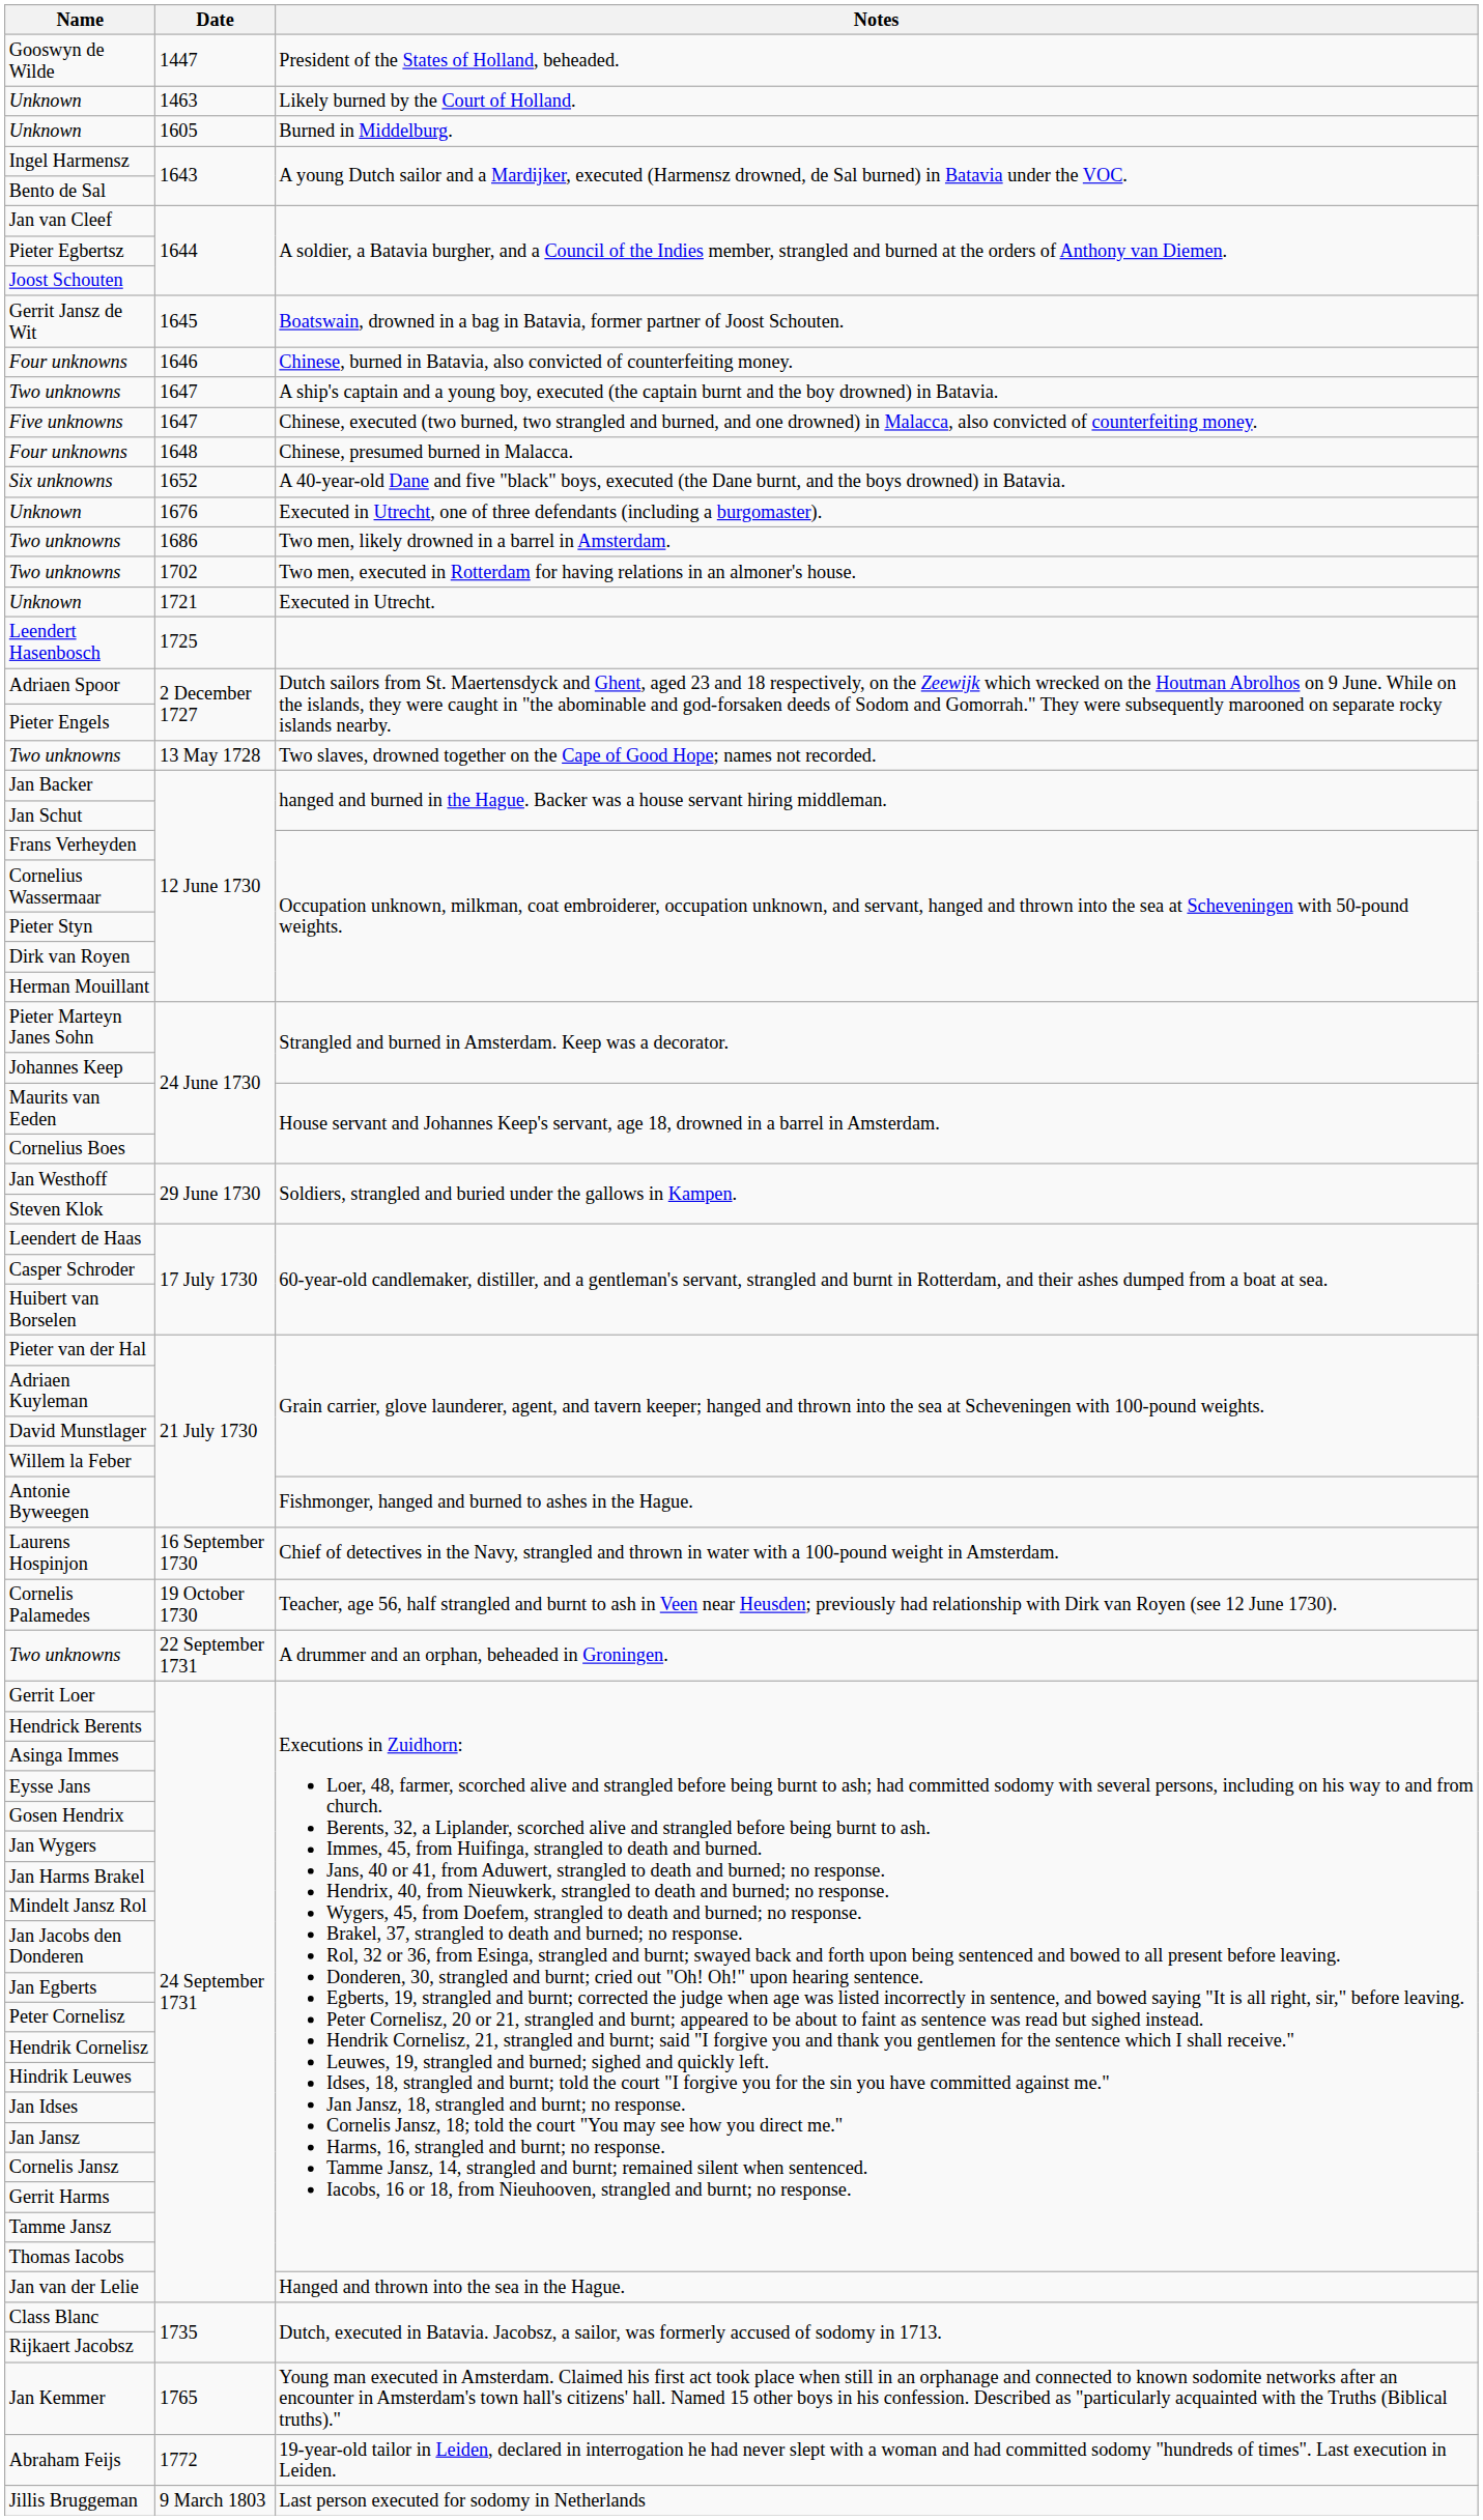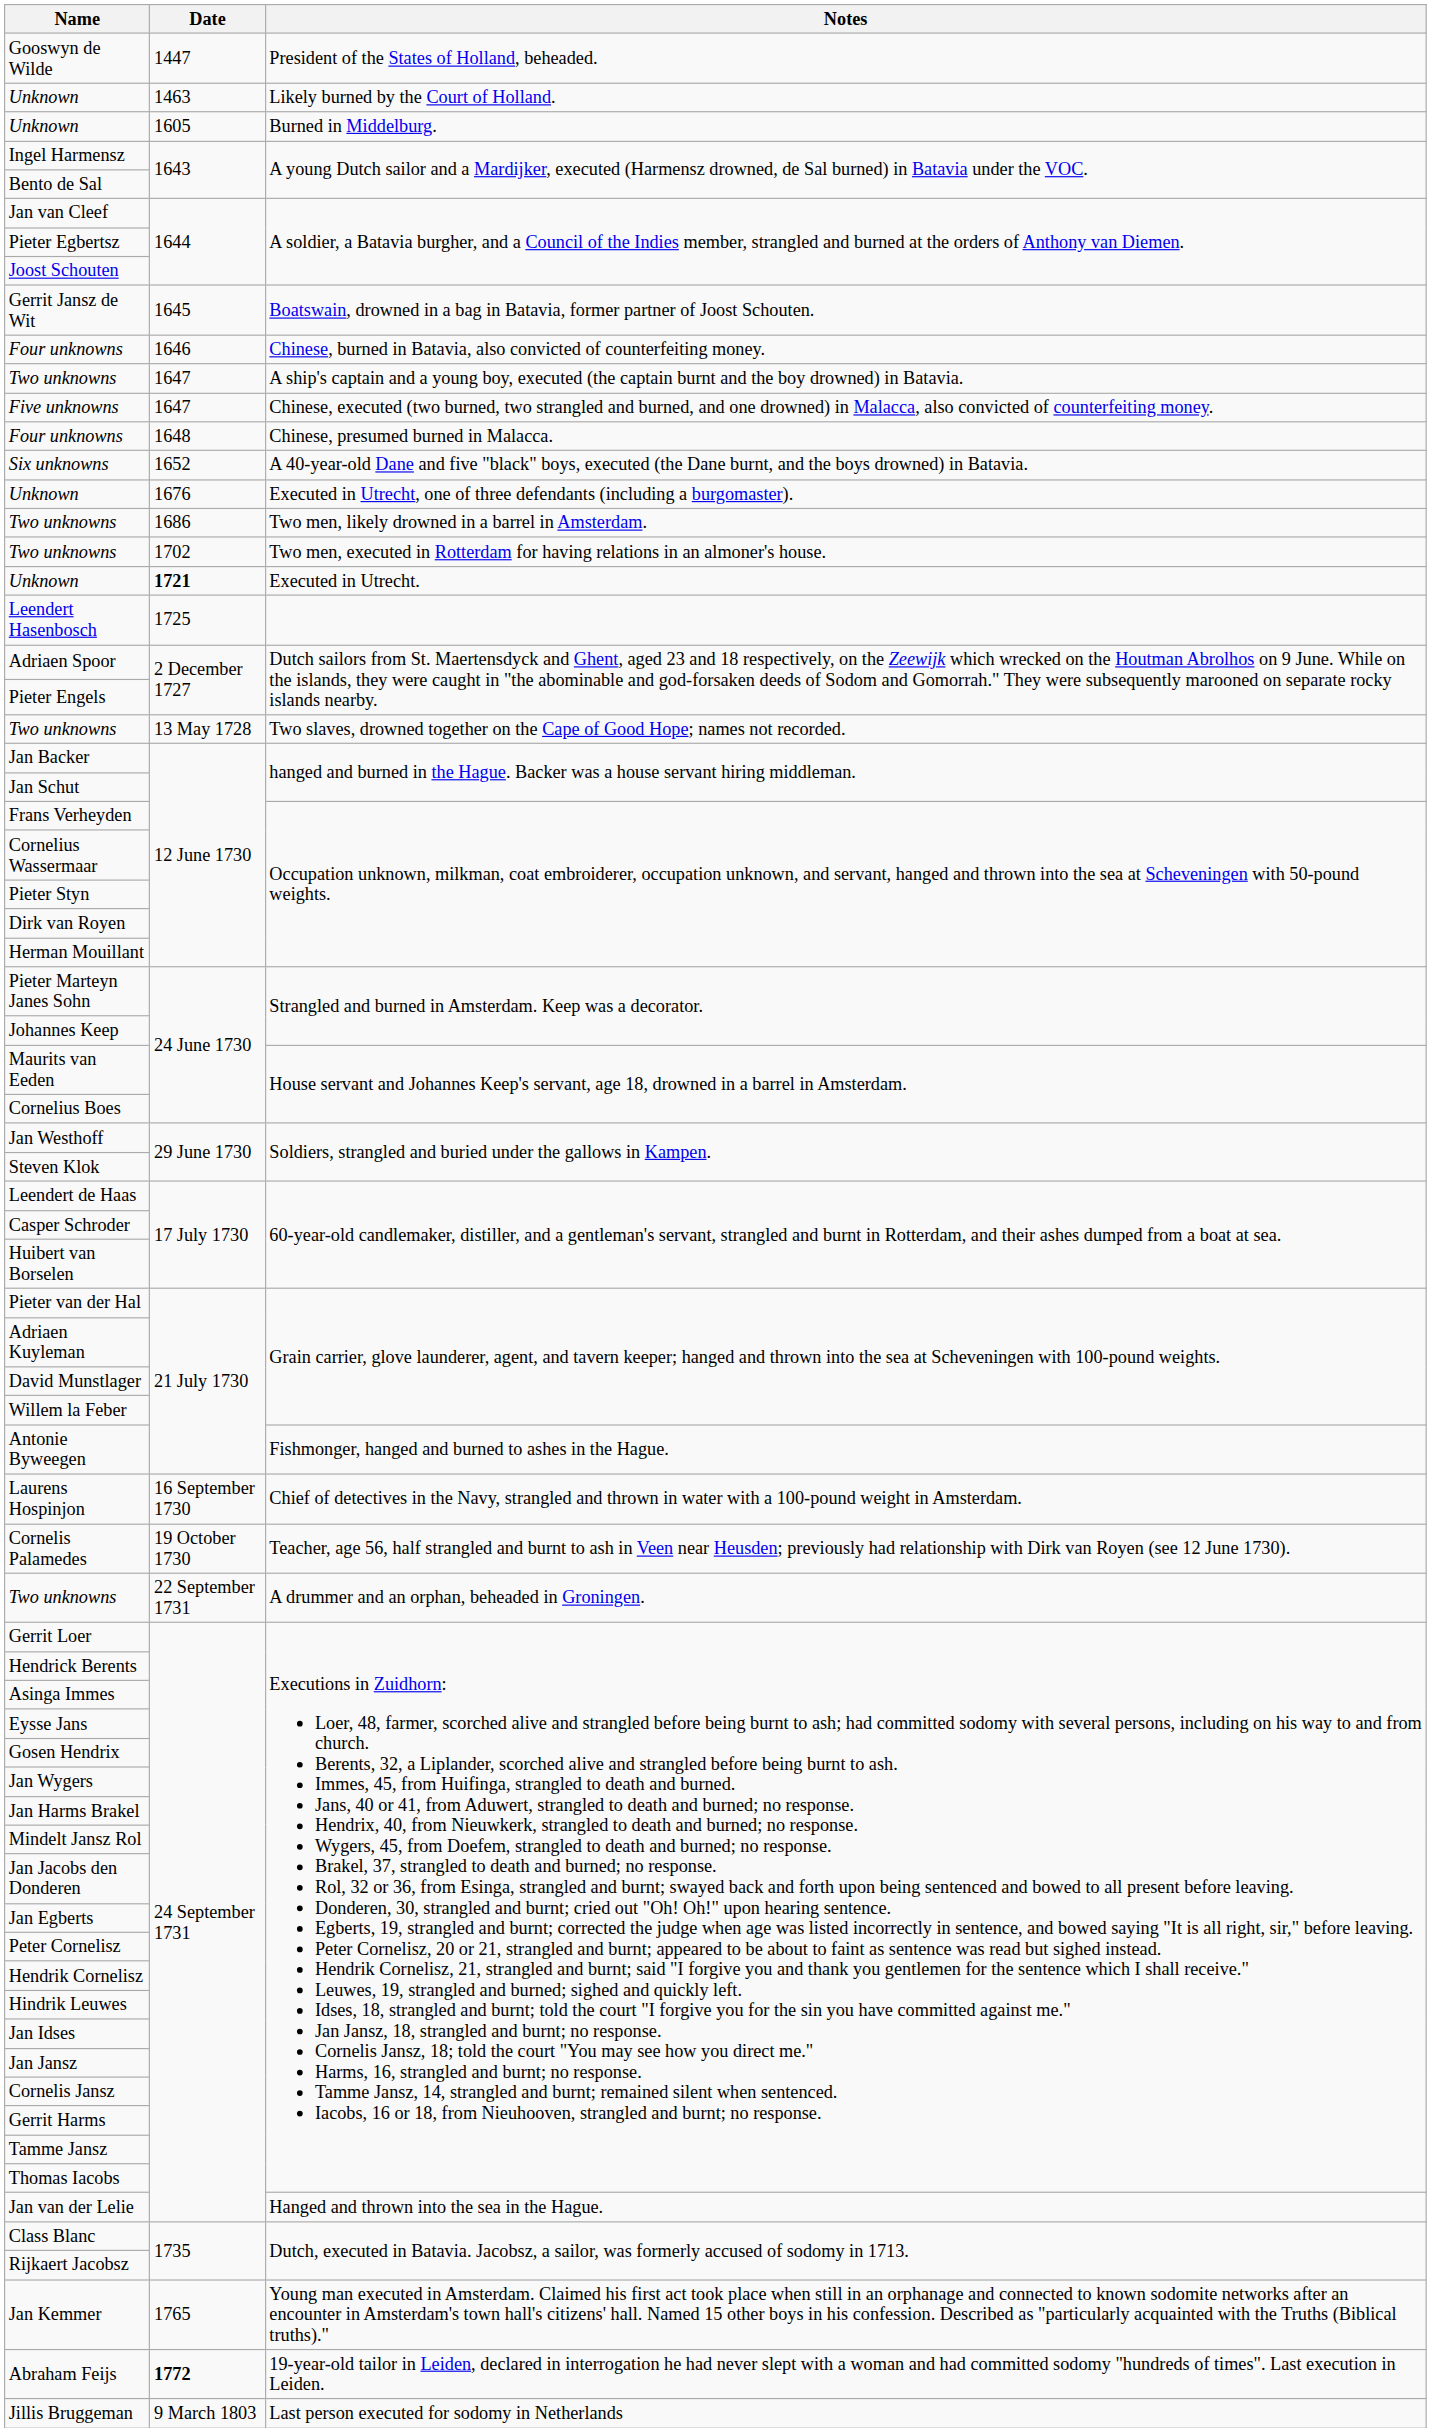 <table class="wikitable sortable" style="text-align:left">
 <tr>
 <th>Name</th>
 <th>Date</th>
 <th>Notes</th>
 </tr>
 <tr>
 <td>Gooswyn de Wilde</td>
 <td>1447</td>
 <td>President of the <a href='#'>States of Holland</a>, beheaded.</td>
 </tr>
 <tr>
 <td><em>Unknown</em></td>
 <td>1463</td>
 <td>Likely burned by the <a href='#'>Court of Holland</a>.</td>
 </tr>
 <tr>
 <td><em>Unknown</em></td>
 <td>1605</td>
 <td>Burned in <a href='#'>Middelburg</a>.</td>
 </tr>
 <tr>
 <td>Ingel Harmensz</td>
 <td rowspan="2">1643</td>
 <td rowspan="2">A young Dutch sailor and a <a href='#'>Mardijker</a>, executed (Harmensz drowned, de Sal burned) in <a href='#'>Batavia</a> under the <a href='#'>VOC</a>.</td>
 </tr>
 <tr>
 <td>Bento de Sal</td>
 </tr>
 <tr>
 <td>Jan van Cleef</td>
 <td rowspan="3">1644</td>
 <td rowspan="3">A soldier, a Batavia burgher, and a <a href='#'>Council of the Indies</a> member, strangled and burned at the orders of <a href='#'>Anthony van Diemen</a>.</td>
 </tr>
 <tr>
 <td>Pieter Egbertsz</td>
 </tr>
 <tr>
 <td><a href='#'>Joost Schouten</a></td>
 </tr>
 <tr>
 <td>Gerrit Jansz de Wit</td>
 <td>1645</td>
 <td><a href='#'>Boatswain</a>, drowned in a bag in Batavia, former partner of Joost Schouten.</td>
 </tr>
 <tr>
 <td><em>Four unknowns</em></td>
 <td>1646</td>
 <td><a href='#'>Chinese</a>, burned in Batavia, also convicted of counterfeiting money.</td>
 </tr>
 <tr>
 <td><em>Two unknowns</em></td>
 <td>1647</td>
 <td>A ship's captain and a young boy, executed (the captain burnt and the boy drowned) in Batavia.</td>
 </tr>
 <tr>
 <td><em>Five unknowns</em></td>
 <td>1647</td>
 <td>Chinese, executed (two burned, two strangled and burned, and one drowned) in <a href='#'>Malacca</a>, also convicted of <a href='#'>counterfeiting money</a>.</td>
 </tr>
 <tr>
 <td><em>Four unknowns</em></td>
 <td>1648</td>
 <td>Chinese, presumed burned in Malacca.</td>
 </tr>
 <tr>
 <td><em>Six unknowns</em></td>
 <td>1652</td>
 <td>A 40-year-old <a href='#'>Dane</a> and five "black" boys, executed (the Dane burnt, and the boys drowned) in Batavia.</td>
 </tr>
 <tr>
 <td><em>Unknown</em></td>
 <td>1676</td>
 <td>Executed in <a href='#'>Utrecht</a>, one of three defendants (including a <a href='#'>burgomaster</a>).</td>
 </tr>
 <tr>
 <td><em>Two unknowns</em></td>
 <td>1686</td>
 <td>Two men, likely drowned in a barrel in <a href='#'>Amsterdam</a>.</td>
 </tr>
 <tr>
 <td><em>Two unknowns</em></td>
 <td>1702</td>
 <td>Two men, executed in <a href='#'>Rotterdam</a> for having relations in an almoner's house.</td>
 </tr>
 <tr>
 <td><em>Unknown</em></td>
-<td>1721</td>
+<td><strong>1721</strong></td>
 <td>Executed in Utrecht.</td>
 </tr>
 <tr>
 <td><a href='#'>Leendert Hasenbosch</a></td>
 <td>1725</td>
 <td></td>
 </tr>
 <tr>
 <td>Adriaen Spoor</td>
 <td rowspan="2">2 December 1727</td>
 <td rowspan="2">Dutch sailors from St. Maertensdyck and <a href='#'>Ghent</a>, aged 23 and 18 respectively, on the <em><a href='#'>Zeewijk</a></em> which wrecked on the <a href='#'>Houtman Abrolhos</a> on 9 June. While on the islands, they were caught in "the abominable and god-forsaken deeds of Sodom and Gomorrah." They were subsequently marooned on separate rocky islands nearby.</td>
 </tr>
 <tr>
 <td>Pieter Engels</td>
 </tr>
 <tr>
 <td><em>Two unknowns</em></td>
 <td>13 May 1728</td>
 <td>Two slaves, drowned together on the <a href='#'>Cape of Good Hope</a>; names not recorded.</td>
 </tr>
 <tr>
 <td>Jan Backer</td>
 <td rowspan="7">12 June 1730</td>
 <td rowspan="2">hanged and burned in <a href='#'>the Hague</a>. Backer was a house servant hiring middleman.</td>
 </tr>
 <tr>
 <td>Jan Schut</td>
 </tr>
 <tr>
 <td>Frans Verheyden</td>
 <td rowspan="5">Occupation unknown, milkman, coat embroiderer, occupation unknown, and servant, hanged and thrown into the sea at <a href='#'>Scheveningen</a> with 50-pound weights.</td>
 </tr>
 <tr>
 <td>Cornelius Wassermaar</td>
 </tr>
 <tr>
 <td>Pieter Styn</td>
 </tr>
 <tr>
 <td>Dirk van Royen</td>
 </tr>
 <tr>
 <td>Herman Mouillant</td>
 </tr>
 <tr>
 <td>Pieter Marteyn Janes Sohn</td>
 <td rowspan="4">24 June 1730</td>
 <td rowspan="2">Strangled and burned in Amsterdam. Keep was a decorator.</td>
 </tr>
 <tr>
 <td>Johannes Keep</td>
 </tr>
 <tr>
 <td>Maurits van Eeden</td>
 <td rowspan="2">House servant and Johannes Keep's servant, age 18, drowned in a barrel in Amsterdam.</td>
 </tr>
 <tr>
 <td>Cornelius Boes</td>
 </tr>
 <tr>
 <td>Jan Westhoff</td>
 <td rowspan="2">29 June 1730</td>
 <td rowspan="2">Soldiers, strangled and buried under the gallows in <a href='#'>Kampen</a>.</td>
 </tr>
 <tr>
 <td>Steven Klok</td>
 </tr>
 <tr>
 <td>Leendert de Haas</td>
 <td rowspan="3">17 July 1730</td>
 <td rowspan="3">60-year-old candlemaker, distiller, and a gentleman's servant, strangled and burnt in Rotterdam, and their ashes dumped from a boat at sea.</td>
 </tr>
 <tr>
 <td>Casper Schroder</td>
 </tr>
 <tr>
 <td>Huibert van Borselen</td>
 </tr>
 <tr>
 <td>Pieter van der Hal</td>
 <td rowspan="5">21 July 1730</td>
 <td rowspan="4">Grain carrier, glove launderer, agent, and tavern keeper; hanged and thrown into the sea at Scheveningen with 100-pound weights.</td>
 </tr>
 <tr>
 <td>Adriaen Kuyleman</td>
 </tr>
 <tr>
 <td>David Munstlager</td>
 </tr>
 <tr>
 <td>Willem la Feber</td>
 </tr>
 <tr>
 <td>Antonie Byweegen</td>
 <td>Fishmonger, hanged and burned to ashes in the Hague.</td>
 </tr>
 <tr>
 <td>Laurens Hospinjon</td>
 <td>16 September 1730</td>
 <td>Chief of detectives in the Navy, strangled and thrown in water with a 100-pound weight in Amsterdam.</td>
 </tr>
 <tr>
 <td>Cornelis Palamedes</td>
 <td>19 October 1730</td>
 <td>Teacher, age 56, half strangled and burnt to ash in <a href='#'>Veen</a> near <a href='#'>Heusden</a>; previously had relationship with Dirk van Royen (see 12 June 1730).</td>
 </tr>
 <tr>
 <td><em>Two unknowns</em></td>
 <td>22 September 1731</td>
 <td>A drummer and an orphan, beheaded in <a href='#'>Groningen</a>.</td>
 </tr>
 <tr>
 <td>Gerrit Loer</td>
 <td rowspan="20">24 September 1731</td>
 <td rowspan="19">Executions in <a href='#'>Zuidhorn</a>:<br><ul><li>Loer, 48, farmer, scorched alive and strangled before being burnt to ash; had committed sodomy with several persons, including on his way to and from church.</li><li>Berents, 32, a Liplander, scorched alive and strangled before being burnt to ash.</li><li>Immes, 45, from Huifinga, strangled to death and burned.</li><li>Jans, 40 or 41, from Aduwert, strangled to death and burned; no response.</li><li>Hendrix, 40, from Nieuwkerk, strangled to death and burned; no response.</li><li>Wygers, 45, from Doefem, strangled to death and burned; no response.</li><li>Brakel, 37, strangled to death and burned; no response.</li><li>Rol, 32 or 36, from Esinga, strangled and burnt; swayed back and forth upon being sentenced and bowed to all present before leaving.</li><li>Donderen, 30, strangled and burnt; cried out "Oh! Oh!" upon hearing sentence.</li><li>Egberts, 19, strangled and burnt; corrected the judge when age was listed incorrectly in sentence, and bowed saying "It is all right, sir," before leaving.</li><li>Peter Cornelisz, 20 or 21, strangled and burnt; appeared to be about to faint as sentence was read but sighed instead.</li><li>Hendrik Cornelisz, 21, strangled and burnt; said "I forgive you and thank you gentlemen for the sentence which I shall receive."</li><li>Leuwes, 19, strangled and burned; sighed and quickly left.</li><li>Idses, 18, strangled and burnt; told the court "I forgive you for the sin you have committed against me."</li><li>Jan Jansz, 18, strangled and burnt; no response.</li><li>Cornelis Jansz, 18; told the court "You may see how you direct me."</li><li>Harms, 16, strangled and burnt; no response.</li><li>Tamme Jansz, 14, strangled and burnt; remained silent when sentenced.</li><li>Iacobs, 16 or 18, from Nieuhooven, strangled and burnt; no response.</li></ul></td>
 </tr>
 <tr>
 <td>Hendrick Berents</td>
 </tr>
 <tr>
 <td>Asinga Immes</td>
 </tr>
 <tr>
 <td>Eysse Jans</td>
 </tr>
 <tr>
 <td>Gosen Hendrix</td>
 </tr>
 <tr>
 <td>Jan Wygers</td>
 </tr>
 <tr>
 <td>Jan Harms Brakel</td>
 </tr>
 <tr>
 <td>Mindelt Jansz Rol</td>
 </tr>
 <tr>
 <td>Jan Jacobs den Donderen</td>
 </tr>
 <tr>
 <td>Jan Egberts</td>
 </tr>
 <tr>
 <td>Peter Cornelisz</td>
 </tr>
 <tr>
 <td>Hendrik Cornelisz</td>
 </tr>
 <tr>
 <td>Hindrik Leuwes</td>
 </tr>
 <tr>
 <td>Jan Idses</td>
 </tr>
 <tr>
 <td>Jan Jansz</td>
 </tr>
 <tr>
 <td>Cornelis Jansz</td>
 </tr>
 <tr>
 <td>Gerrit Harms</td>
 </tr>
 <tr>
 <td>Tamme Jansz</td>
 </tr>
 <tr>
 <td>Thomas Iacobs</td>
 </tr>
 <tr>
 <td>Jan van der Lelie</td>
 <td>Hanged and thrown into the sea in the Hague.</td>
 </tr>
 <tr>
 <td>Class Blanc</td>
 <td rowspan="2">1735</td>
 <td rowspan="2">Dutch, executed in Batavia. Jacobsz, a sailor, was formerly accused of sodomy in 1713.</td>
 </tr>
 <tr>
 <td>Rijkaert Jacobsz</td>
 </tr>
 <tr>
 <td>Jan Kemmer</td>
 <td>1765</td>
 <td>Young man executed in Amsterdam. Claimed his first act took place when still in an orphanage and connected to known sodomite networks after an encounter in Amsterdam's town hall's citizens' hall. Named 15 other boys in his confession. Described as "particularly acquainted with the Truths (Biblical truths)."</td>
 </tr>
 <tr>
 <td>Abraham Feijs</td>
-<td>1772</td>
+<td><strong>1772</strong></td>
 <td>19-year-old tailor in <a href='#'>Leiden</a>, declared in interrogation he had never slept with a woman and had committed sodomy "hundreds of times". Last execution in Leiden.</td>
 </tr>
 <tr>
 <td>Jillis Bruggeman</td>
 <td>9 March 1803</td>
 <td>Last person executed for sodomy in Netherlands</td>
 </tr>
 </table>
